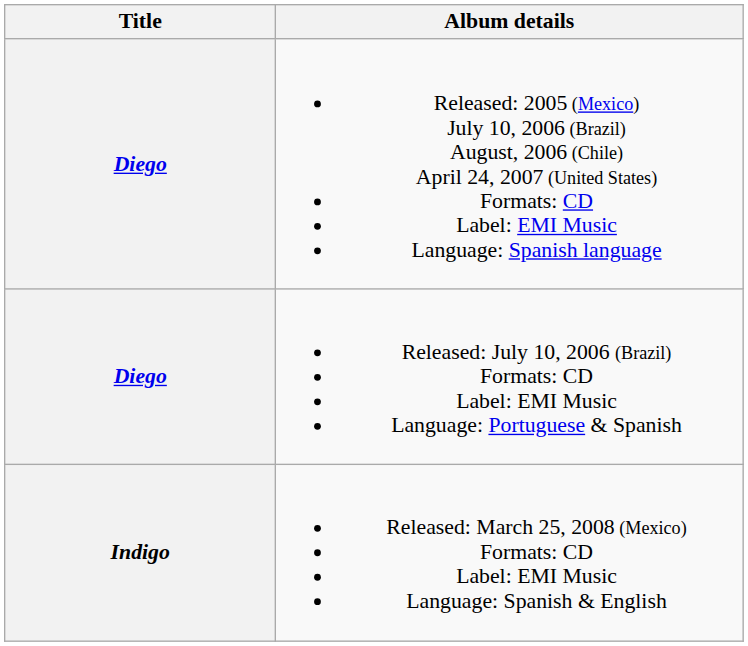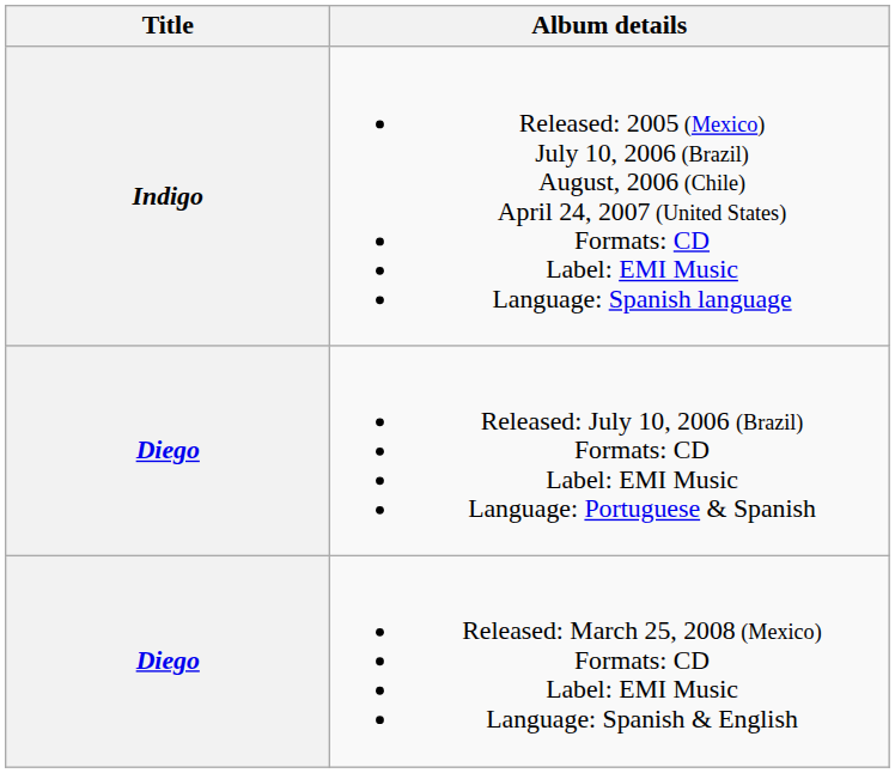 <table class="wikitable plainrowheaders" style="text-align:center;">
 <tr>
 <th scope="col" rowspan="1" style="width:12em;">Title</th>
 <th scope="col" rowspan="1" style="width:21em;">Album details</th>
 </tr>
 <tr>
-<th scope="row" align="center"><strong><em><a href='#'>Diego</a></em></strong></th>
+<th scope="row" align="center"><strong><em>Indigo</em></strong></th>
 <td><br><ul><li>Released: 2005<small> (<a href='#'>Mexico</a>)</small><br>July 10, 2006<small> (Brazil)</small><br>August, 2006<small> (Chile)</small><br>April 24, 2007<small> (United States)</small></li><li>Formats: <a href='#'>CD</a></li><li>Label: <a href='#'>EMI Music</a></li><li>Language: <a href='#'>Spanish language</a></li></ul></td>
 </tr>
 <tr>
 <th scope="row" align="center"><strong><em><a href='#'>Diego</a> </em></strong></th>
 <td><br><ul><li>Released: July 10, 2006 <small>(Brazil)</small></li><li>Formats: CD</li><li>Label: EMI Music</li><li>Language: <a href='#'>Portuguese</a> & Spanish</li></ul></td>
 </tr>
 <tr>
-<th scope="row" align="center"><strong><em>Indigo</em></strong></th>
+<th scope="row" align="center"><strong><em><a href='#'>Diego</a></em></strong></th>
 <td><br><ul><li>Released: March 25, 2008<small> (Mexico)</small></li><li>Formats: CD</li><li>Label: EMI Music</li><li>Language: Spanish & English</li></ul></td>
 </tr>
 </table>
